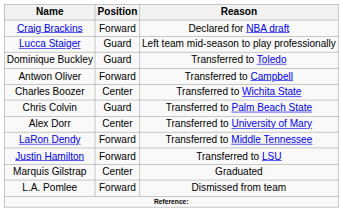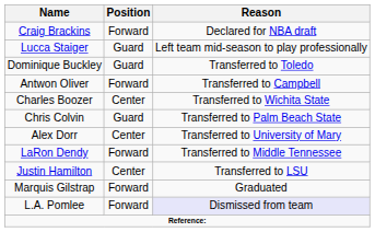 <table class="wikitable" style="text-align: center">
 <tr align=center>
 <th>Name</th>
 <th>Position</th>
 <th>Reason</th>
 </tr>
 <tr>
 <td><a href='#'>Craig Brackins</a></td>
 <td>Forward</td>
 <td>Declared for <a href='#'>NBA draft</a></td>
 </tr>
 <tr>
 <td><a href='#'>Lucca Staiger</a></td>
 <td>Guard</td>
 <td>Left team mid-season to play professionally</td>
 </tr>
 <tr>
 <td>Dominique Buckley</td>
 <td>Guard</td>
 <td>Transferred to <a href='#'>Toledo</a></td>
 </tr>
 <tr>
 <td>Antwon Oliver</td>
 <td>Forward</td>
 <td>Transferred to <a href='#'>Campbell</a></td>
 </tr>
 <tr>
 <td>Charles Boozer</td>
 <td>Center</td>
 <td>Transferred to <a href='#'>Wichita State</a></td>
 </tr>
 <tr>
 <td>Chris Colvin</td>
 <td>Guard</td>
 <td>Transferred to <a href='#'>Palm Beach State</a></td>
 </tr>
 <tr>
 <td>Alex Dorr</td>
 <td>Center</td>
 <td>Transferred to <a href='#'>University of Mary</a></td>
 </tr>
 <tr>
 <td><a href='#'>LaRon Dendy</a></td>
 <td>Forward</td>
 <td>Transferred to <a href='#'>Middle Tennessee</a></td>
 </tr>
 <tr>
 <td><a href='#'>Justin Hamilton</a></td>
-<td>Forward</td>
+<td>Center</td>
 <td>Transferred to <a href='#'>LSU</a></td>
 </tr>
 <tr>
 <td>Marquis Gilstrap</td>
-<td>Center</td>
+<td>Forward</td>
 <td>Graduated</td>
 </tr>
 <tr>
 <td>L.A. Pomlee</td>
 <td>Forward</td>
-<td>Dismissed from team</td>
+<td style="background: lavender;">Dismissed from team</td>
 </tr>
 <tr>
 <td colspan="6"  style="font-size:8pt; text-align:center;"><strong>Reference:</strong></td>
 </tr>
 </table>
